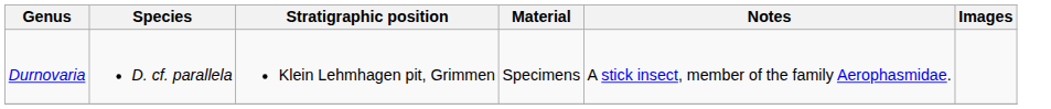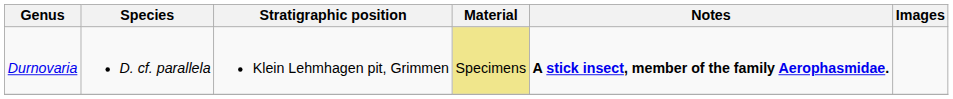 <table class = "wikitable">
 <tr>
 <th>Genus</th>
 <th>Species</th>
 <th>Stratigraphic position</th>
 <th>Material</th>
 <th>Notes</th>
 <th>Images</th>
 </tr>
 <tr>
 <td><br><em><a href='#'>Durnovaria</a></em></td>
 <td><br><ul><li><em>D. cf. parallela</em></li></ul></td>
 <td><br><ul><li>Klein Lehmhagen pit, Grimmen</li></ul></td>
-<td><br>Specimens</td>
-<td><br>A <a href='#'>stick insect</a>, member of the family <a href='#'>Aerophasmidae</a>.</td>
+<td style="background: khaki;"><br>Specimens</td>
+<td><strong><br>A <a href='#'>stick insect</a>, member of the family <a href='#'>Aerophasmidae</a>.</strong></td>
 <td><br></td>
 </tr>
 <tr>
 </tr>
 </table>
